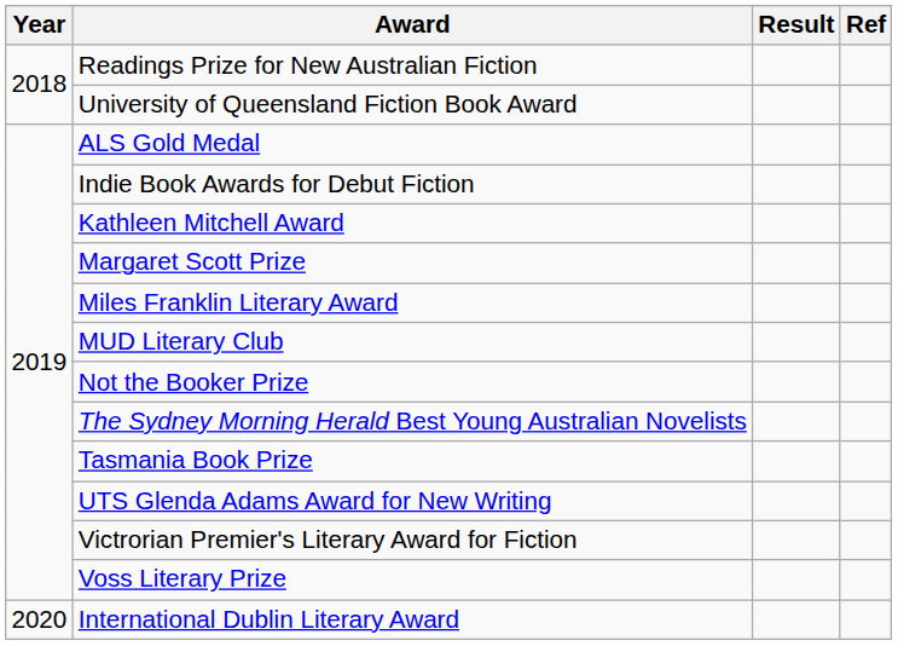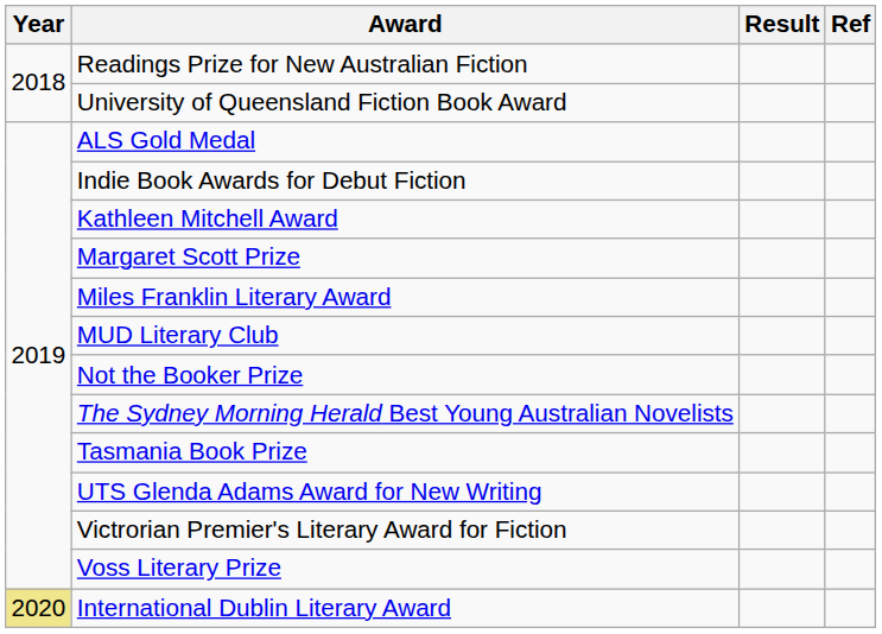 <table class="wikitable sortable">
 <tr>
 <th>Year</th>
 <th>Award</th>
 <th>Result</th>
 <th>Ref</th>
 </tr>
 <tr>
 <td rowspan="2">2018</td>
 <td>Readings Prize for New Australian Fiction</td>
 <td></td>
 <td></td>
 </tr>
 <tr>
 <td>University of Queensland Fiction Book Award</td>
 <td></td>
 <td></td>
 </tr>
 <tr>
 <td rowspan="12">2019</td>
 <td><a href='#'>ALS Gold Medal</a></td>
 <td></td>
 <td></td>
 </tr>
 <tr>
 <td>Indie Book Awards for Debut Fiction</td>
 <td></td>
 <td></td>
 </tr>
 <tr>
 <td><a href='#'>Kathleen Mitchell Award</a></td>
 <td></td>
 <td></td>
 </tr>
 <tr>
 <td><a href='#'>Margaret Scott Prize</a></td>
 <td></td>
 <td></td>
 </tr>
 <tr>
 <td><a href='#'>Miles Franklin Literary Award</a></td>
 <td></td>
 <td></td>
 </tr>
 <tr>
 <td><a href='#'>MUD Literary Club</a></td>
 <td></td>
 <td></td>
 </tr>
 <tr>
 <td><a href='#'>Not the Booker Prize</a></td>
 <td></td>
 <td></td>
 </tr>
 <tr>
 <td><a href='#'><em>The Sydney Morning Herald</em> Best Young Australian Novelists</a></td>
 <td></td>
 <td></td>
 </tr>
 <tr>
 <td><a href='#'>Tasmania Book Prize</a></td>
 <td></td>
 <td></td>
 </tr>
 <tr>
 <td><a href='#'>UTS Glenda Adams Award for New Writing</a></td>
 <td></td>
 <td></td>
 </tr>
 <tr>
 <td>Victrorian Premier's Literary Award for Fiction</td>
 <td></td>
 <td></td>
 </tr>
 <tr>
 <td><a href='#'>Voss Literary Prize</a></td>
 <td></td>
 <td></td>
 </tr>
 <tr>
-<td>2020</td>
+<td style="background: khaki;">2020</td>
 <td><a href='#'>International Dublin Literary Award</a></td>
 <td></td>
 <td></td>
 </tr>
 </table>
